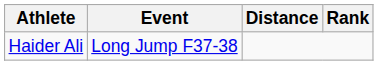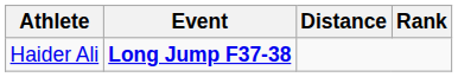 <table class="wikitable">
 <tr>
 <th>Athlete</th>
 <th>Event</th>
 <th>Distance</th>
 <th>Rank</th>
 </tr>
 <tr align=center>
 <td align=left><a href='#'>Haider Ali</a></td>
-<td align=left><a href='#'>Long Jump F37-38</a></td>
+<td align=left><strong><a href='#'>Long Jump F37-38</a></strong></td>
 <td colspan=2></td>
 </tr>
 </table>
